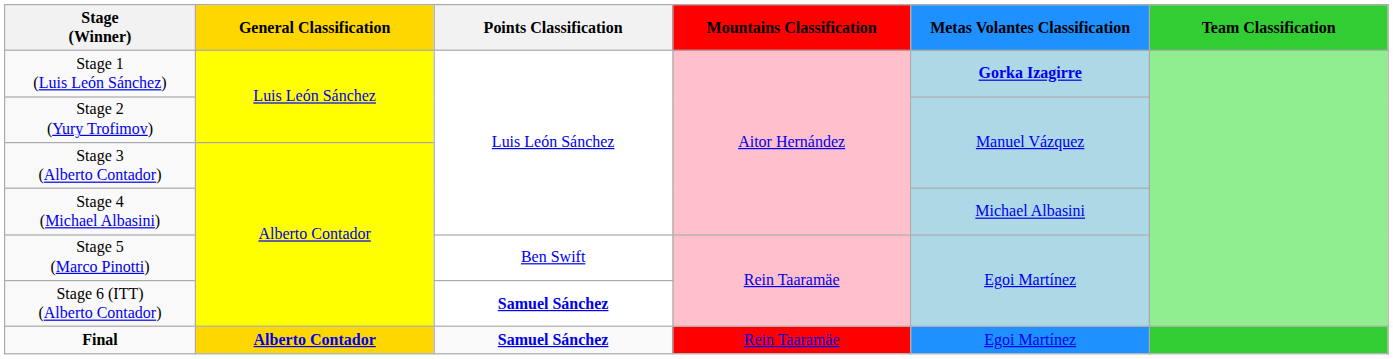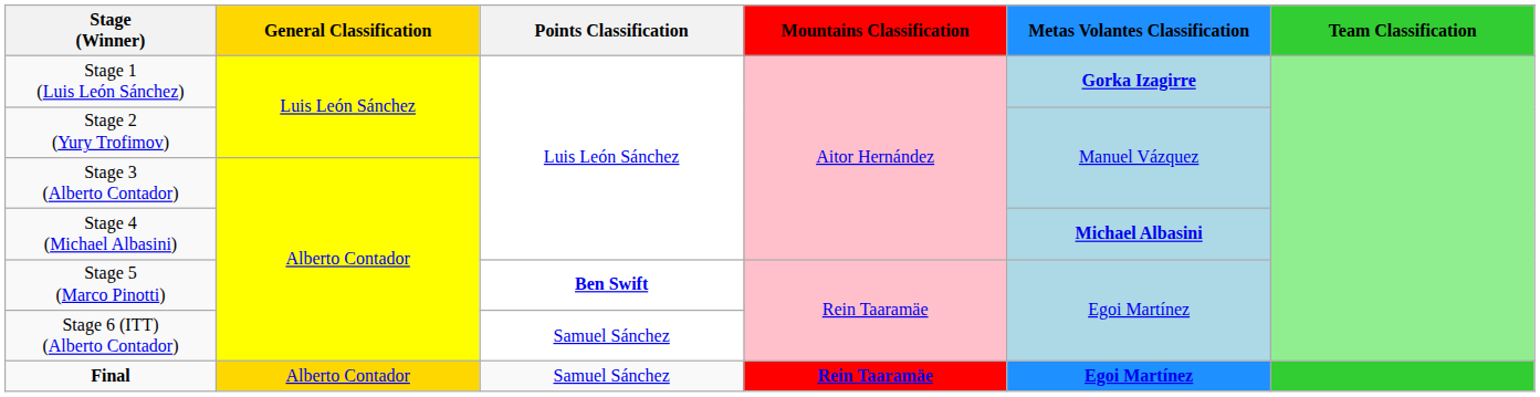 <table class="wikitable" style="text-align: center; font-size:smaller;">
 <tr>
 <th width="12%"><strong>Stage<br>(Winner)</strong></th>
 <th style="background-color:gold;" width="15%"><strong>General Classification</strong></th>
 <th style="background-color:offwhite;" width="15%"><strong>Points Classification</strong></th>
 <th style="background-color:red;" width="15%"><strong>Mountains Classification</strong></th>
 <th style="background-color:dodgerblue;" width="15%"><strong>Metas Volantes Classification</strong></th>
 <th style="background-color:limegreen;" width="15%"><strong>Team Classification</strong></th>
 </tr>
 <tr>
 <td>Stage 1<br>(<a href='#'>Luis León Sánchez</a>)</td>
 <td style="background-color:yellow" rowspan="2"><a href='#'>Luis León Sánchez</a></td>
 <td style="background-color:white" rowspan="4"><a href='#'>Luis León Sánchez</a></td>
 <td style="background-color:pink" rowspan="4"><a href='#'>Aitor Hernández</a></td>
 <td style="background-color:lightblue"><strong><a href='#'>Gorka Izagirre</a></strong></td>
 <td style="background-color:lightgreen" rowspan="6"></td>
 </tr>
 <tr>
 <td>Stage 2<br>(<a href='#'>Yury Trofimov</a>)</td>
 <td style="background-color:lightblue" rowspan="2"><a href='#'>Manuel Vázquez</a></td>
 </tr>
 <tr>
 <td>Stage 3<br>(<a href='#'>Alberto Contador</a>)</td>
 <td style="background-color:yellow" rowspan="4"><a href='#'>Alberto Contador</a></td>
 </tr>
 <tr>
 <td>Stage 4<br>(<a href='#'>Michael Albasini</a>)</td>
-<td style="background-color:lightblue"><a href='#'>Michael Albasini</a></td>
+<td style="background-color:lightblue"><strong><a href='#'>Michael Albasini</a></strong></td>
 </tr>
 <tr>
 <td>Stage 5<br>(<a href='#'>Marco Pinotti</a>)</td>
-<td style="background-color:white" rowspan="1"><a href='#'>Ben Swift</a></td>
+<td style="background-color:white" rowspan="1"><strong><a href='#'>Ben Swift</a></strong></td>
 <td style="background-color:pink" rowspan="2"><a href='#'>Rein Taaramäe</a></td>
 <td style="background-color:lightblue" rowspan="2"><a href='#'>Egoi Martínez</a></td>
 </tr>
 <tr>
 <td>Stage 6 (ITT)<br>(<a href='#'>Alberto Contador</a>)</td>
-<td style="background-color:white" rowspan="1"><strong><a href='#'>Samuel Sánchez</a></strong></td>
+<td style="background-color:white" rowspan="1"><a href='#'>Samuel Sánchez</a></td>
 </tr>
 <tr>
 <td><strong>Final</strong><br></td>
-<td style="background-color:gold;" rowspan="1"><strong><a href='#'>Alberto Contador</a></strong></td>
-<td style="background-color:offwhite;" rowspan="1"><strong><a href='#'>Samuel Sánchez</a></strong></td>
-<td style="background-color:red;" rowspan="1"><a href='#'>Rein Taaramäe</a></td>
-<td style="background-color:dodgerblue;" rowspan="1"><a href='#'>Egoi Martínez</a></td>
+<td style="background-color:gold;" rowspan="1"><a href='#'>Alberto Contador</a></td>
+<td style="background-color:offwhite;" rowspan="1"><a href='#'>Samuel Sánchez</a></td>
+<td style="background-color:red;" rowspan="1"><strong><a href='#'>Rein Taaramäe</a></strong></td>
+<td style="background-color:dodgerblue;" rowspan="1"><strong><a href='#'>Egoi Martínez</a></strong></td>
 <td style="background-color:limegreen;" rowspan="1"></td>
 </tr>
 </table>
